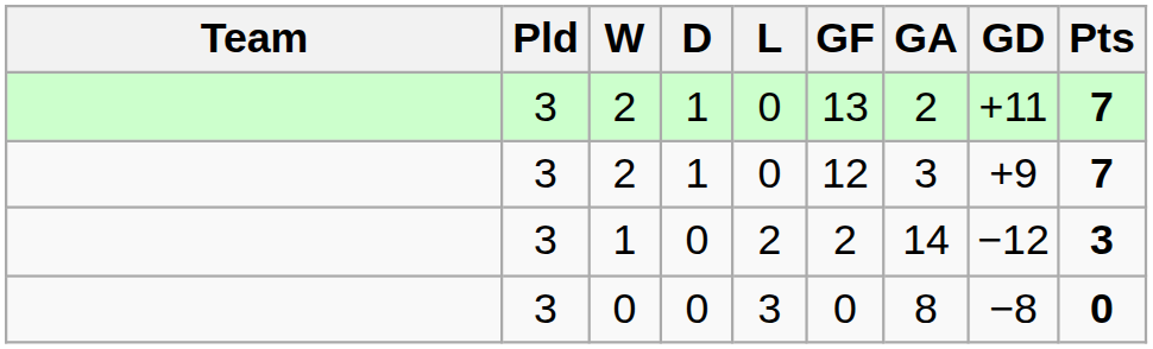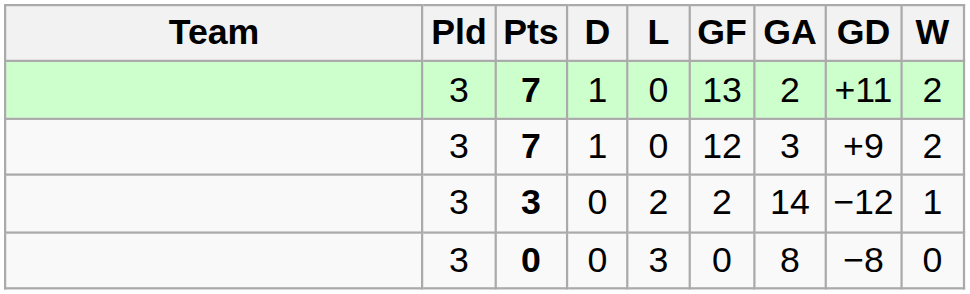 <table class="wikitable" style="text-align:center;">
 <tr>
 <th width=180>Team</th>
 <th width=20>Pld</th>
-<th width=20>W</th>
+<th width=20>Pts</th>
 <th width=20>D</th>
 <th width=20>L</th>
 <th width=20>GF</th>
 <th width=20>GA</th>
 <th width=20>GD</th>
-<th width=20>Pts</th>
+<th width=20>W</th>
 </tr>
 <tr bgcolor="#ccffcc">
 <td align="left"><em></em></td>
 <td>3</td>
-<td>2</td>
+<td><strong>7</strong></td>
 <td>1</td>
 <td>0</td>
 <td>13</td>
 <td>2</td>
 <td>+11</td>
-<td><strong>7</strong></td>
+<td>2</td>
 </tr>
 <tr>
 <td align="left"></td>
 <td>3</td>
-<td>2</td>
+<td><strong>7</strong></td>
 <td>1</td>
 <td>0</td>
 <td>12</td>
 <td>3</td>
 <td>+9</td>
-<td><strong>7</strong></td>
+<td>2</td>
 </tr>
 <tr>
 <td align="left"></td>
 <td>3</td>
-<td>1</td>
+<td><strong>3</strong></td>
 <td>0</td>
 <td>2</td>
 <td>2</td>
 <td>14</td>
 <td>−12</td>
-<td><strong>3</strong></td>
+<td>1</td>
 </tr>
 <tr>
 <td align="left"></td>
 <td>3</td>
-<td>0</td>
+<td><strong>0</strong></td>
 <td>0</td>
 <td>3</td>
 <td>0</td>
 <td>8</td>
 <td>−8</td>
-<td><strong>0</strong></td>
+<td>0</td>
 </tr>
 </table>
